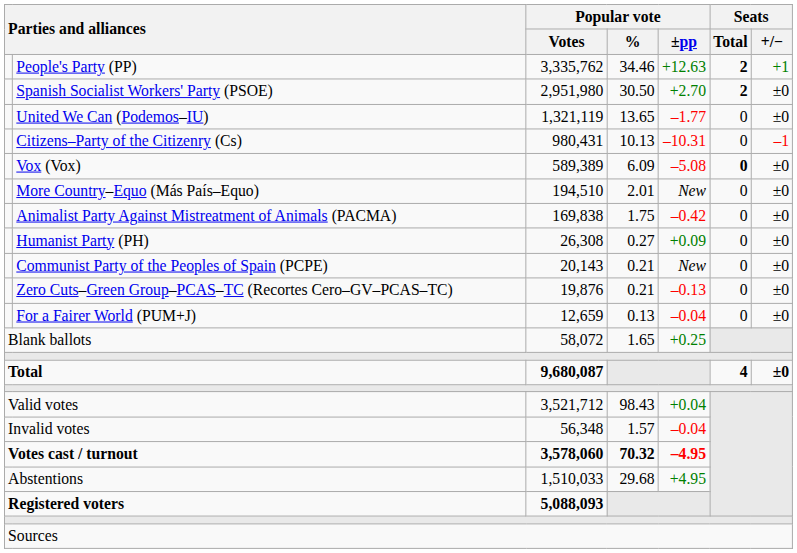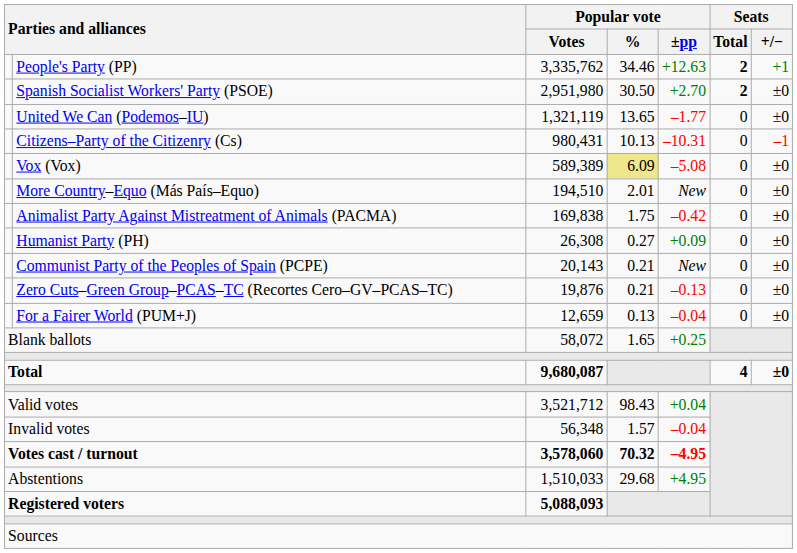 <table class="wikitable" style="text-align:right;">
 <tr>
 <th style="text-align:left;" rowspan="2" colspan="2" width="525">Parties and alliances</th>
 <th colspan="3">Popular vote</th>
 <th colspan="2">Seats</th>
 </tr>
 <tr>
 <th width="75">Votes</th>
 <th width="45">%</th>
 <th width="45">±<a href='#'>pp</a></th>
 <th width="35">Total</th>
 <th width="35">+/−</th>
 </tr>
 <tr>
 <td width="1" style="color:inherit;background:"></td>
 <td align="left"><a href='#'>People's Party</a> (PP)</td>
 <td>3,335,762</td>
 <td>34.46</td>
 <td style="color:green;">+12.63</td>
 <td><strong>2</strong></td>
 <td style="color:green;">+1</td>
 </tr>
 <tr>
 <td style="color:inherit;background:"></td>
 <td align="left"><a href='#'>Spanish Socialist Workers' Party</a> (PSOE)</td>
 <td>2,951,980</td>
 <td>30.50</td>
 <td style="color:green;">+2.70</td>
 <td><strong>2</strong></td>
 <td>±0</td>
 </tr>
 <tr>
 <td style="color:inherit;background:"></td>
 <td align="left"><a href='#'>United We Can</a> (<a href='#'>Podemos</a>–<a href='#'>IU</a>)</td>
 <td>1,321,119</td>
 <td>13.65</td>
 <td style="color:red;">–1.77</td>
 <td>0</td>
 <td>±0</td>
 </tr>
 <tr>
 <td style="color:inherit;background:"></td>
 <td align="left"><a href='#'>Citizens–Party of the Citizenry</a> (Cs)</td>
 <td>980,431</td>
 <td>10.13</td>
 <td style="color:red;">–10.31</td>
 <td>0</td>
 <td style="color:red;">–1</td>
 </tr>
 <tr>
 <td style="color:inherit;background:"></td>
 <td align="left"><a href='#'>Vox</a> (Vox)</td>
 <td>589,389</td>
-<td>6.09</td>
+<td style="background: khaki;">6.09</td>
 <td style="color:red;">–5.08</td>
-<td><strong>0</strong></td>
+<td>0</td>
 <td>±0</td>
 </tr>
 <tr>
 <td style="color:inherit;background:"></td>
 <td align="left"><a href='#'>More Country</a>–<a href='#'>Equo</a> (Más País–Equo)</td>
 <td>194,510</td>
 <td>2.01</td>
 <td><em>New</em></td>
 <td>0</td>
 <td>±0</td>
 </tr>
 <tr>
 <td style="color:inherit;background:"></td>
 <td align="left"><a href='#'>Animalist Party Against Mistreatment of Animals</a> (PACMA)</td>
 <td>169,838</td>
 <td>1.75</td>
 <td style="color:red;">–0.42</td>
 <td>0</td>
 <td>±0</td>
 </tr>
 <tr>
 <td style="color:inherit;background:"></td>
 <td align="left"><a href='#'>Humanist Party</a> (PH)</td>
 <td>26,308</td>
 <td>0.27</td>
 <td style="color:green;">+0.09</td>
 <td>0</td>
 <td>±0</td>
 </tr>
 <tr>
 <td style="color:inherit;background:"></td>
 <td align="left"><a href='#'>Communist Party of the Peoples of Spain</a> (PCPE)</td>
 <td>20,143</td>
 <td>0.21</td>
 <td><em>New</em></td>
 <td>0</td>
 <td>±0</td>
 </tr>
 <tr>
 <td style="color:inherit;background:"></td>
 <td align="left"><a href='#'>Zero Cuts</a>–<a href='#'>Green Group</a>–<a href='#'>PCAS</a>–<a href='#'>TC</a> (Recortes Cero–GV–PCAS–TC)</td>
 <td>19,876</td>
 <td>0.21</td>
 <td style="color:red;">–0.13</td>
 <td>0</td>
 <td>±0</td>
 </tr>
 <tr>
 <td style="color:inherit;background:"></td>
 <td align="left"><a href='#'>For a Fairer World</a> (PUM+J)</td>
 <td>12,659</td>
 <td>0.13</td>
 <td style="color:red;">–0.04</td>
 <td>0</td>
 <td>±0</td>
 </tr>
 <tr>
 <td align="left" colspan="2">Blank ballots</td>
 <td>58,072</td>
 <td>1.65</td>
 <td style="color:green;">+0.25</td>
 <td bgcolor="#E9E9E9" colspan="2"></td>
 </tr>
 <tr>
 <td colspan="7" bgcolor="#E9E9E9"></td>
 </tr>
 <tr style="font-weight:bold;">
 <td align="left" colspan="2">Total</td>
 <td>9,680,087</td>
 <td bgcolor="#E9E9E9" colspan="2"></td>
 <td>4</td>
 <td>±0</td>
 </tr>
 <tr>
 <td colspan="7" bgcolor="#E9E9E9"></td>
 </tr>
 <tr>
 <td align="left" colspan="2">Valid votes</td>
 <td>3,521,712</td>
 <td>98.43</td>
 <td style="color:green;">+0.04</td>
 <td bgcolor="#E9E9E9" colspan="2" rowspan="5"></td>
 </tr>
 <tr>
 <td align="left" colspan="2">Invalid votes</td>
 <td>56,348</td>
 <td>1.57</td>
 <td style="color:red;">–0.04</td>
 </tr>
 <tr style="font-weight:bold;">
 <td align="left" colspan="2">Votes cast / turnout</td>
 <td>3,578,060</td>
 <td>70.32</td>
 <td style="color:red;">–4.95</td>
 </tr>
 <tr>
 <td align="left" colspan="2">Abstentions</td>
 <td>1,510,033</td>
 <td>29.68</td>
 <td style="color:green;">+4.95</td>
 </tr>
 <tr style="font-weight:bold;">
 <td align="left" colspan="2">Registered voters</td>
 <td>5,088,093</td>
 <td bgcolor="#E9E9E9" colspan="2"></td>
 </tr>
 <tr>
 <td colspan="7" bgcolor="#E9E9E9"></td>
 </tr>
 <tr>
 <td align="left" colspan="7">Sources</td>
 </tr>
 </table>
